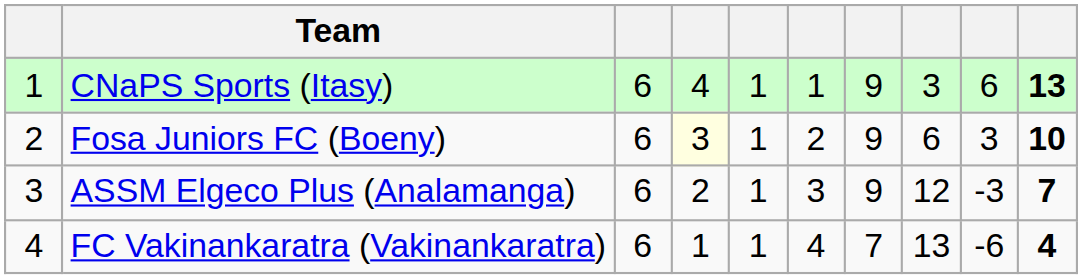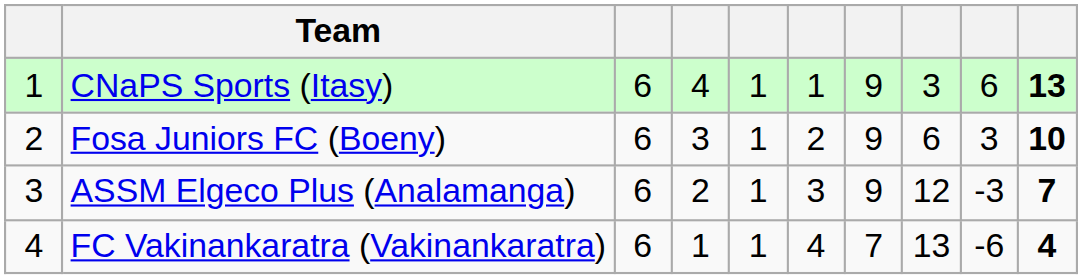 <table class="wikitable" style="text-align: center;">
 <tr>
 <th width="20"></th>
 <th>Team</th>
 <th width="20"></th>
 <th width="20"></th>
 <th width="20"></th>
 <th width="20"></th>
 <th width="20"></th>
 <th width="20"></th>
 <th width="20"></th>
 <th width="20"></th>
 </tr>
 <tr bgcolor="#ccffcc">
 <td>1</td>
 <td align="left"><a href='#'>CNaPS Sports</a> (<a href='#'>Itasy</a>)</td>
 <td>6</td>
 <td>4</td>
 <td>1</td>
 <td>1</td>
 <td>9</td>
 <td>3</td>
 <td>6</td>
 <td><strong>13</strong></td>
 </tr>
 <tr>
 <td>2</td>
 <td align="left"><a href='#'>Fosa Juniors FC</a> (<a href='#'>Boeny</a>)</td>
 <td>6</td>
-<td style="background: lightyellow;">3</td>
+<td>3</td>
 <td>1</td>
 <td>2</td>
 <td>9</td>
 <td>6</td>
 <td>3</td>
 <td><strong>10</strong></td>
 </tr>
 <tr>
 <td>3</td>
 <td align="left"><a href='#'>ASSM Elgeco Plus</a> (<a href='#'>Analamanga</a>)</td>
 <td>6</td>
 <td>2</td>
 <td>1</td>
 <td>3</td>
 <td>9</td>
 <td>12</td>
 <td>-3</td>
 <td><strong>7</strong></td>
 </tr>
 <tr>
 <td>4</td>
 <td align="left"><a href='#'>FC Vakinankaratra</a> (<a href='#'>Vakinankaratra</a>)</td>
 <td>6</td>
 <td>1</td>
 <td>1</td>
 <td>4</td>
 <td>7</td>
 <td>13</td>
 <td>-6</td>
 <td><strong>4</strong></td>
 </tr>
 </table>
